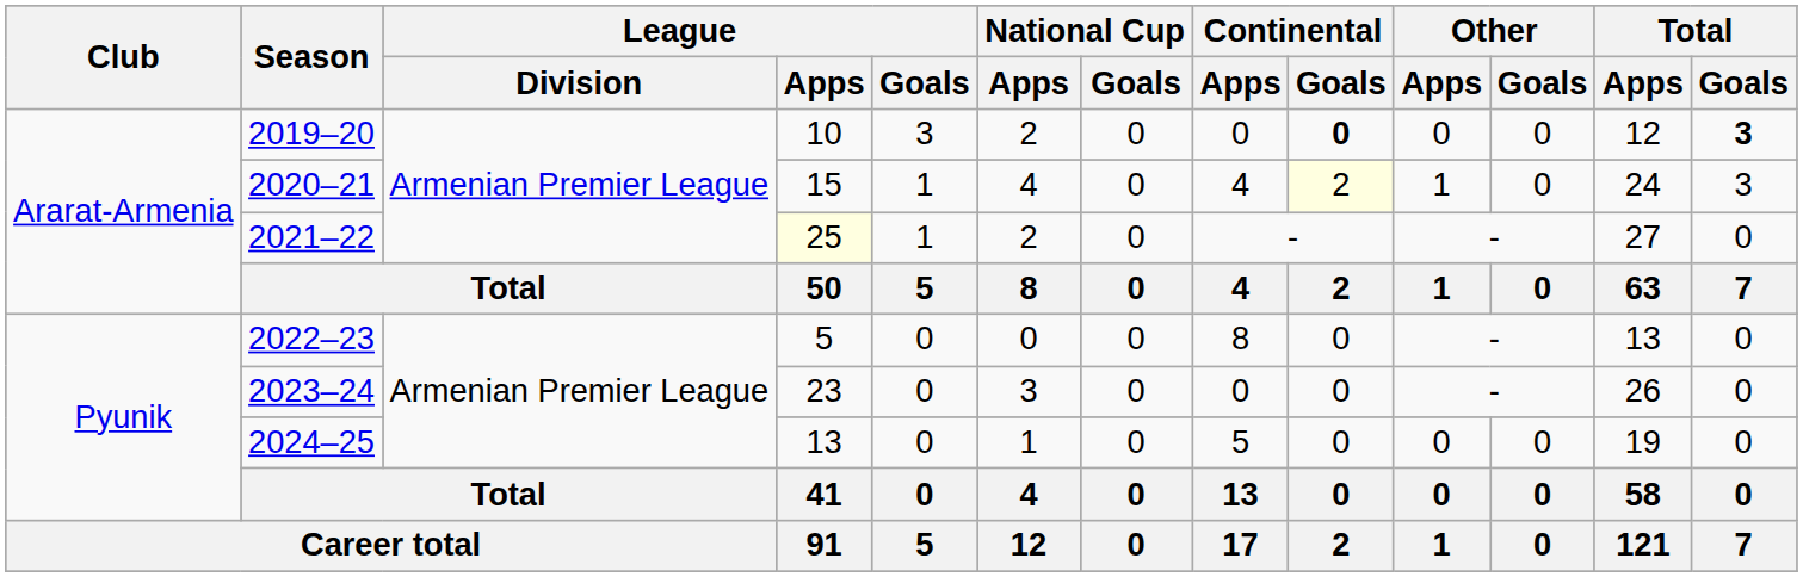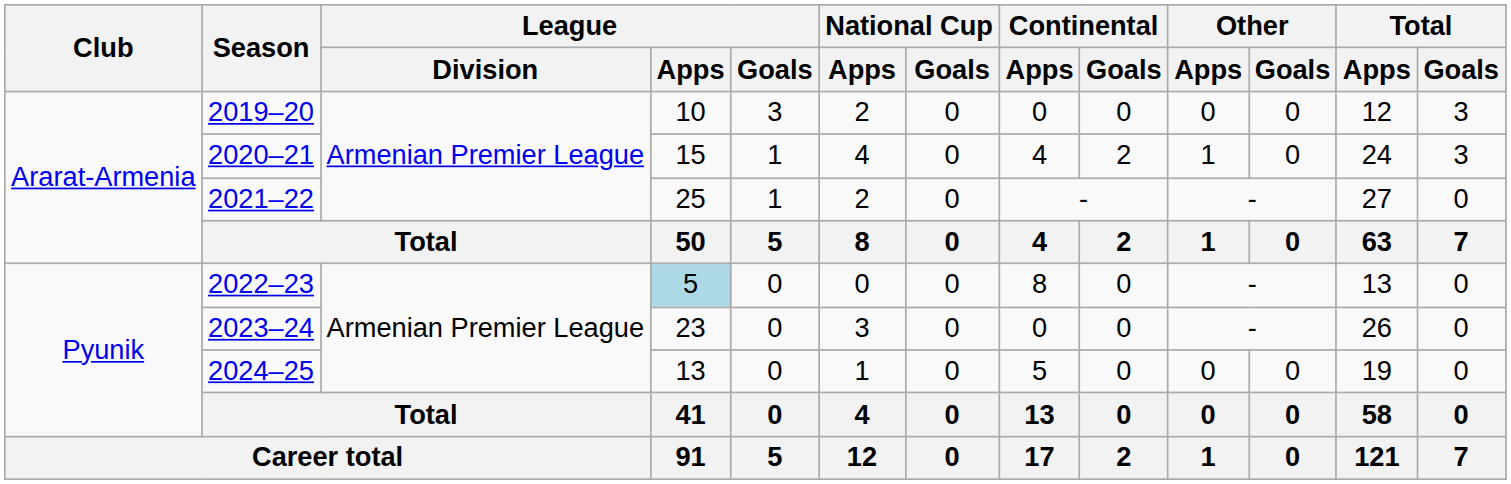 <table class="wikitable" style="text-align:center">
 <tr>
 <th rowspan="2">Club</th>
 <th rowspan="2">Season</th>
 <th colspan="3">League</th>
 <th colspan="2">National Cup</th>
 <th colspan="2">Continental</th>
 <th colspan="2">Other</th>
 <th colspan="2">Total</th>
 </tr>
 <tr>
 <th>Division</th>
 <th>Apps</th>
 <th>Goals</th>
 <th>Apps</th>
 <th>Goals</th>
 <th>Apps</th>
 <th>Goals</th>
 <th>Apps</th>
 <th>Goals</th>
 <th>Apps</th>
 <th>Goals</th>
 </tr>
 <tr>
 <td rowspan="4"><a href='#'>Ararat-Armenia</a></td>
 <td><a href='#'>2019–20</a></td>
 <td rowspan="3"><a href='#'>Armenian Premier League</a></td>
 <td>10</td>
 <td>3</td>
 <td>2</td>
 <td>0</td>
 <td>0</td>
-<td><strong>0</strong></td>
+<td>0</td>
 <td>0</td>
 <td>0</td>
 <td>12</td>
-<td><strong>3</strong></td>
+<td>3</td>
 </tr>
 <tr>
 <td><a href='#'>2020–21</a></td>
 <td>15</td>
 <td>1</td>
 <td>4</td>
 <td>0</td>
 <td>4</td>
-<td style="background: lightyellow;">2</td>
+<td>2</td>
 <td>1</td>
 <td>0</td>
 <td>24</td>
 <td>3</td>
 </tr>
 <tr>
 <td><a href='#'>2021–22</a></td>
-<td style="background: lightyellow;">25</td>
+<td>25</td>
 <td>1</td>
 <td>2</td>
 <td>0</td>
 <td colspan="2">-</td>
 <td colspan="2">-</td>
 <td>27</td>
 <td>0</td>
 </tr>
 <tr>
 <th colspan="2">Total</th>
 <th>50</th>
 <th>5</th>
 <th>8</th>
 <th>0</th>
 <th>4</th>
 <th>2</th>
 <th>1</th>
 <th>0</th>
 <th>63</th>
 <th>7</th>
 </tr>
 <tr>
 <td rowspan="4"><a href='#'>Pyunik</a></td>
 <td><a href='#'>2022–23</a></td>
 <td rowspan="3">Armenian Premier League</td>
-<td>5</td>
+<td style="background: lightblue;">5</td>
 <td>0</td>
 <td>0</td>
 <td>0</td>
 <td>8</td>
 <td>0</td>
 <td colspan="2">-</td>
 <td>13</td>
 <td>0</td>
 </tr>
 <tr>
 <td><a href='#'>2023–24</a></td>
 <td>23</td>
 <td>0</td>
 <td>3</td>
 <td>0</td>
 <td>0</td>
 <td>0</td>
 <td colspan="2">-</td>
 <td>26</td>
 <td>0</td>
 </tr>
 <tr>
 <td><a href='#'>2024–25</a></td>
 <td>13</td>
 <td>0</td>
 <td>1</td>
 <td>0</td>
 <td>5</td>
 <td>0</td>
 <td>0</td>
 <td>0</td>
 <td>19</td>
 <td>0</td>
 </tr>
 <tr>
 <th colspan="2">Total</th>
 <th>41</th>
 <th>0</th>
 <th>4</th>
 <th>0</th>
 <th>13</th>
 <th>0</th>
 <th>0</th>
 <th>0</th>
 <th>58</th>
 <th>0</th>
 </tr>
 <tr>
 <th colspan="3">Career total</th>
 <th>91</th>
 <th>5</th>
 <th>12</th>
 <th>0</th>
 <th>17</th>
 <th>2</th>
 <th>1</th>
 <th>0</th>
 <th>121</th>
 <th>7</th>
 </tr>
 </table>
